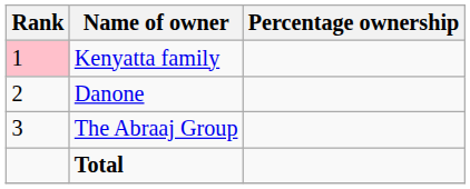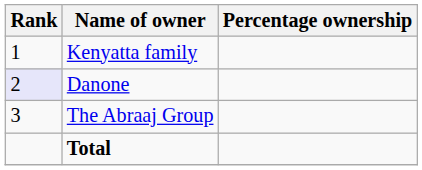 <table class="wikitable sortable" style="margin: 0.5em auto">
 <tr>
 <th>Rank</th>
 <th>Name of owner</th>
 <th>Percentage ownership</th>
 </tr>
 <tr>
-<td style="background: pink;">1</td>
+<td>1</td>
 <td><a href='#'>Kenyatta family</a></td>
 <td></td>
 </tr>
 <tr>
-<td>2</td>
+<td style="background: lavender;">2</td>
 <td><a href='#'>Danone</a></td>
 <td></td>
 </tr>
 <tr>
 <td>3</td>
 <td><a href='#'>The Abraaj Group</a></td>
 <td></td>
 </tr>
 <tr>
 <td></td>
 <td><strong>Total</strong></td>
 <td></td>
 </tr>
 <tr>
 </tr>
 </table>
